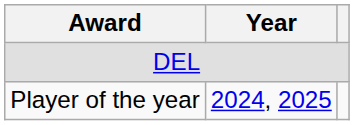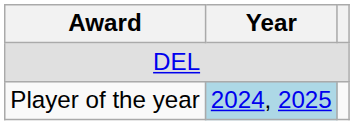 <table class="wikitable">
 <tr>
 <th>Award</th>
 <th>Year</th>
 <th></th>
 </tr>
 <tr ALIGN="center" bgcolor="#e0e0e0">
 <td colspan="3"><a href='#'>DEL</a></td>
 </tr>
 <tr>
 <td>Player of the year</td>
-<td><a href='#'>2024</a>, <a href='#'>2025</a></td>
+<td style="background: lightblue;"><a href='#'>2024</a>, <a href='#'>2025</a></td>
 <td></td>
 </tr>
 </table>
